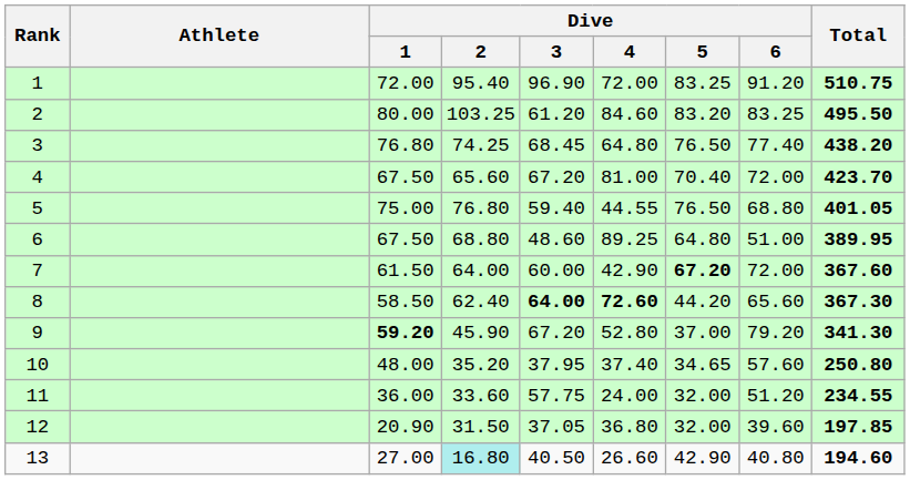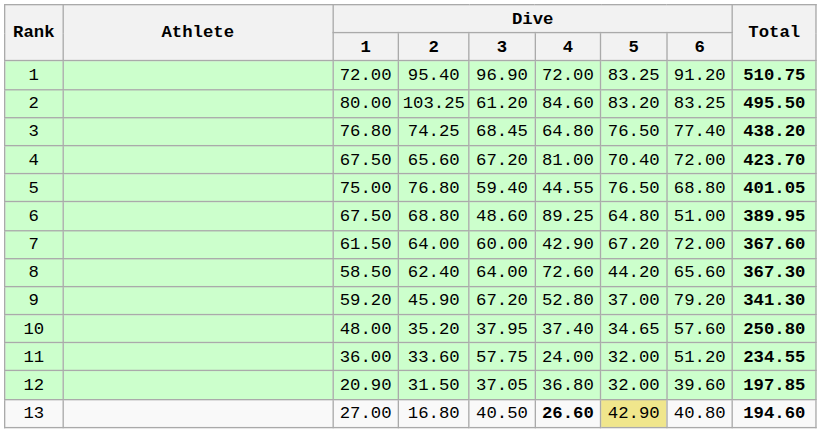 <table class=wikitable style="text-align:center">
 <tr>
 <th rowspan="2" width=40>Rank</th>
 <th rowspan="2" width=250>Athlete</th>
 <th colspan="6">Dive</th>
 <th rowspan="2" width=60>Total</th>
 </tr>
 <tr>
 <th width=45>1</th>
 <th width=45>2</th>
 <th width=45>3</th>
 <th width=45>4</th>
 <th width=45>5</th>
 <th width=45>6</th>
 </tr>
 <tr bgcolor=ccffcc>
 <td>1</td>
 <td align=left></td>
 <td>72.00</td>
 <td>95.40</td>
 <td>96.90</td>
 <td>72.00</td>
 <td>83.25</td>
 <td>91.20</td>
 <td><strong>510.75</strong></td>
 </tr>
 <tr bgcolor=ccffcc>
 <td>2</td>
 <td align=left></td>
 <td>80.00</td>
 <td>103.25</td>
 <td>61.20</td>
 <td>84.60</td>
 <td>83.20</td>
 <td>83.25</td>
 <td><strong>495.50</strong></td>
 </tr>
 <tr bgcolor=ccffcc>
 <td>3</td>
 <td align=left></td>
 <td>76.80</td>
 <td>74.25</td>
 <td>68.45</td>
 <td>64.80</td>
 <td>76.50</td>
 <td>77.40</td>
 <td><strong>438.20</strong></td>
 </tr>
 <tr bgcolor=ccffcc>
 <td>4</td>
 <td align=left></td>
 <td>67.50</td>
 <td>65.60</td>
 <td>67.20</td>
 <td>81.00</td>
 <td>70.40</td>
 <td>72.00</td>
 <td><strong>423.70</strong></td>
 </tr>
 <tr bgcolor=ccffcc>
 <td>5</td>
 <td align=left></td>
 <td>75.00</td>
 <td>76.80</td>
 <td>59.40</td>
 <td>44.55</td>
 <td>76.50</td>
 <td>68.80</td>
 <td><strong>401.05</strong></td>
 </tr>
 <tr bgcolor=ccffcc>
 <td>6</td>
 <td align=left></td>
 <td>67.50</td>
 <td>68.80</td>
 <td>48.60</td>
 <td>89.25</td>
 <td>64.80</td>
 <td>51.00</td>
 <td><strong>389.95</strong></td>
 </tr>
 <tr bgcolor=ccffcc>
 <td>7</td>
 <td align=left></td>
 <td>61.50</td>
 <td>64.00</td>
 <td>60.00</td>
 <td>42.90</td>
-<td><strong>67.20</strong></td>
+<td>67.20</td>
 <td>72.00</td>
 <td><strong>367.60</strong></td>
 </tr>
 <tr bgcolor=ccffcc>
 <td>8</td>
 <td align=left></td>
 <td>58.50</td>
 <td>62.40</td>
-<td><strong>64.00</strong></td>
-<td><strong>72.60</strong></td>
+<td>64.00</td>
+<td>72.60</td>
 <td>44.20</td>
 <td>65.60</td>
 <td><strong>367.30</strong></td>
 </tr>
 <tr bgcolor=ccffcc>
 <td>9</td>
 <td align=left></td>
-<td><strong>59.20</strong></td>
+<td>59.20</td>
 <td>45.90</td>
 <td>67.20</td>
 <td>52.80</td>
 <td>37.00</td>
 <td>79.20</td>
 <td><strong>341.30</strong></td>
 </tr>
 <tr bgcolor=ccffcc>
 <td>10</td>
 <td align=left></td>
 <td>48.00</td>
 <td>35.20</td>
 <td>37.95</td>
 <td>37.40</td>
 <td>34.65</td>
 <td>57.60</td>
 <td><strong>250.80</strong></td>
 </tr>
 <tr bgcolor=ccffcc>
 <td>11</td>
 <td align=left></td>
 <td>36.00</td>
 <td>33.60</td>
 <td>57.75</td>
 <td>24.00</td>
 <td>32.00</td>
 <td>51.20</td>
 <td><strong>234.55</strong></td>
 </tr>
 <tr bgcolor=ccffcc>
 <td>12</td>
 <td align=left></td>
 <td>20.90</td>
 <td>31.50</td>
 <td>37.05</td>
 <td>36.80</td>
 <td>32.00</td>
 <td>39.60</td>
 <td><strong>197.85</strong></td>
 </tr>
 <tr>
 <td>13</td>
 <td align=left></td>
 <td>27.00</td>
-<td style="background: paleturquoise;">16.80</td>
+<td>16.80</td>
 <td>40.50</td>
-<td>26.60</td>
-<td>42.90</td>
+<td><strong>26.60</strong></td>
+<td style="background: khaki;">42.90</td>
 <td>40.80</td>
 <td><strong>194.60</strong></td>
 </tr>
 </table>
